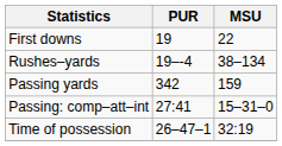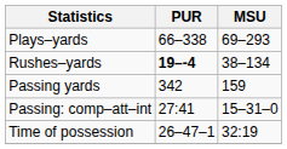 <table class="wikitable" style="float: left;">
 <tr>
 <th>Statistics</th>
 <th>PUR</th>
 <th>MSU</th>
 </tr>
 <tr>
-<td>First downs</td>
-<td>19</td>
-<td>22</td>
+<td>Plays–yards</td>
+<td>66–338</td>
+<td>69–293</td>
 </tr>
 <tr>
 <td>Rushes–yards</td>
-<td>19–-4</td>
+<td><strong>19–-4</strong></td>
 <td>38–134</td>
 </tr>
 <tr>
 <td>Passing yards</td>
 <td>342</td>
 <td>159</td>
 </tr>
 <tr>
 <td>Passing: comp–att–int</td>
 <td>27:41</td>
 <td>15–31–0</td>
 </tr>
 <tr>
 <td>Time of possession</td>
 <td>26–47–1</td>
 <td>32:19</td>
 </tr>
 <tr>
 </tr>
 </table>
